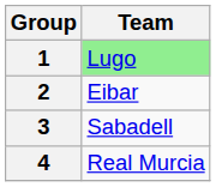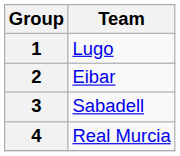 <table class="wikitable">
 <tr>
 <th>Group</th>
 <th>Team</th>
 </tr>
 <tr>
 <th>1</th>
-<td style="background: lightgreen;"><a href='#'>Lugo</a></td>
+<td><a href='#'>Lugo</a></td>
 </tr>
 <tr>
 <th>2</th>
 <td><a href='#'>Eibar</a></td>
 </tr>
 <tr>
 <th>3</th>
 <td><a href='#'>Sabadell</a></td>
 </tr>
 <tr>
 <th>4</th>
 <td><a href='#'>Real Murcia</a></td>
 </tr>
 <tr>
 </tr>
 </table>
